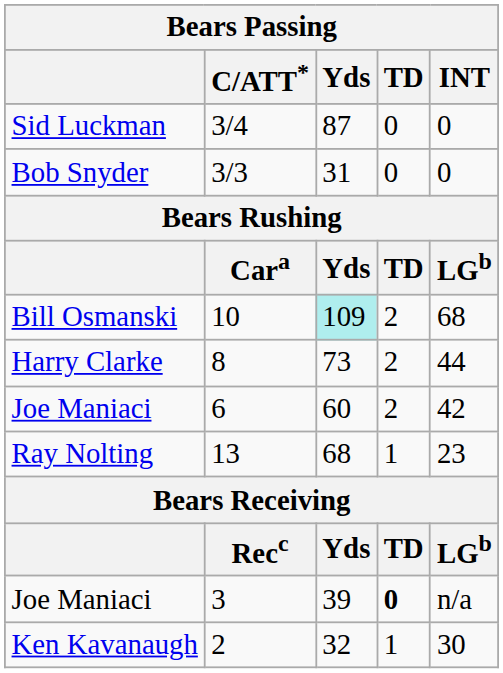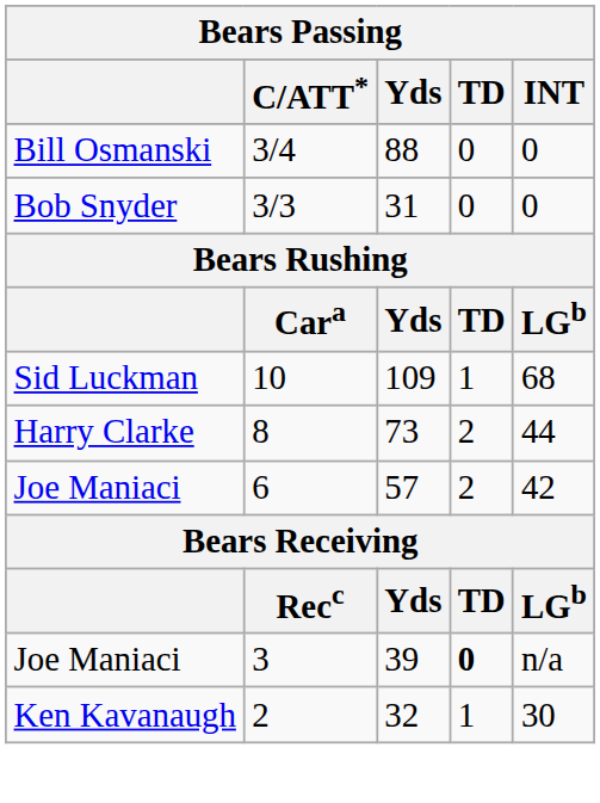 <table class="wikitable">
 <tr>
 <th colspan="5">Bears Passing</th>
 </tr>
 <tr>
 <th></th>
 <th>C/ATT<sup>*</sup></th>
 <th>Yds</th>
 <th>TD</th>
 <th>INT</th>
 </tr>
 <tr>
-<td><a href='#'>Sid Luckman</a></td>
+<td><a href='#'>Bill Osmanski</a></td>
 <td>3/4</td>
-<td>87</td>
+<td>88</td>
 <td>0</td>
 <td>0</td>
 </tr>
 <tr>
 <td><a href='#'>Bob Snyder</a></td>
 <td>3/3</td>
 <td>31</td>
 <td>0</td>
 <td>0</td>
 </tr>
 <tr>
 <th colspan="5">Bears Rushing</th>
 </tr>
 <tr>
 <th></th>
 <th>Car<sup>a</sup></th>
 <th>Yds</th>
 <th>TD</th>
 <th>LG<sup>b</sup></th>
 </tr>
 <tr>
-<td><a href='#'>Bill Osmanski</a></td>
+<td><a href='#'>Sid Luckman</a></td>
 <td>10</td>
-<td style="background: paleturquoise;">109</td>
-<td>2</td>
+<td>109</td>
+<td>1</td>
 <td>68</td>
 </tr>
 <tr>
 <td><a href='#'>Harry Clarke</a></td>
 <td>8</td>
 <td>73</td>
 <td>2</td>
 <td>44</td>
 </tr>
 <tr>
 <td><a href='#'>Joe Maniaci</a></td>
 <td>6</td>
-<td>60</td>
+<td>57</td>
 <td>2</td>
 <td>42</td>
-</tr>
-<tr>
-<td><a href='#'>Ray Nolting</a></td>
-<td>13</td>
-<td>68</td>
-<td>1</td>
-<td>23</td>
 </tr>
 <tr>
 <th colspan="5">Bears Receiving</th>
 </tr>
 <tr>
 <th></th>
 <th>Rec<sup>c</sup></th>
 <th>Yds</th>
 <th>TD</th>
 <th>LG<sup>b</sup></th>
 </tr>
 <tr>
 <td>Joe Maniaci</td>
 <td>3</td>
 <td>39</td>
 <td><strong>0</strong></td>
 <td>n/a</td>
 </tr>
 <tr>
 <td><a href='#'>Ken Kavanaugh</a></td>
 <td>2</td>
 <td>32</td>
 <td>1</td>
 <td>30</td>
 </tr>
 </table>
